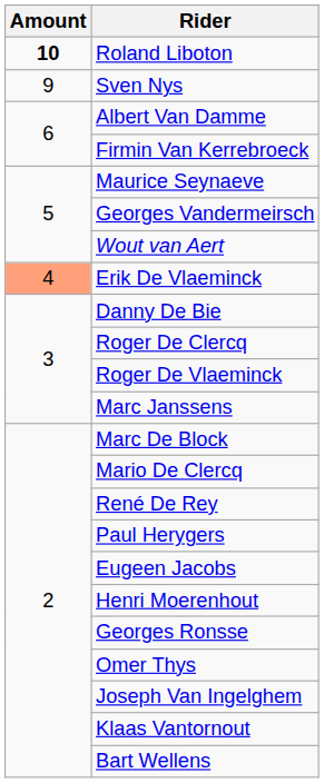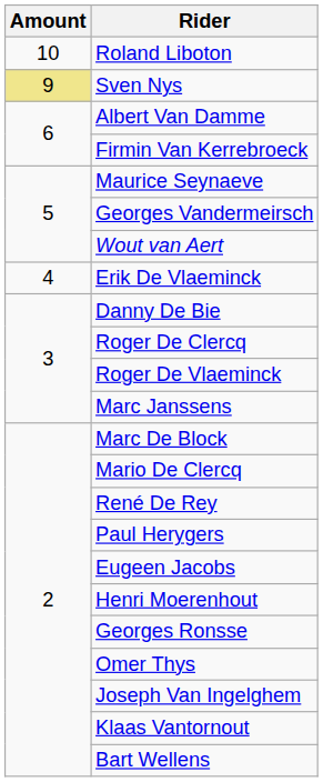 <table class="wikitable">
 <tr>
 <th>Amount</th>
 <th>Rider</th>
 </tr>
 <tr>
-<td align="center"><strong>10</strong></td>
+<td align="center">10</td>
 <td><a href='#'>Roland Liboton</a></td>
 </tr>
 <tr>
-<td align="center">9</td>
+<td align="center" style="background: khaki;">9</td>
 <td><a href='#'>Sven Nys</a></td>
 </tr>
 <tr>
 <td align="center" rowspan="2">6</td>
 <td><a href='#'>Albert Van Damme</a></td>
 </tr>
 <tr>
 <td><a href='#'>Firmin Van Kerrebroeck</a></td>
 </tr>
 <tr>
 <td align="center" rowspan="3">5</td>
 <td><a href='#'>Maurice Seynaeve</a></td>
 </tr>
 <tr>
 <td><a href='#'>Georges Vandermeirsch</a></td>
 </tr>
 <tr>
 <td><em><a href='#'>Wout van Aert</a></em></td>
 </tr>
 <tr>
-<td align="center" style="background: lightsalmon;">4</td>
+<td align="center">4</td>
 <td><a href='#'>Erik De Vlaeminck</a></td>
 </tr>
 <tr>
 <td align="center" rowspan="4">3</td>
 <td><a href='#'>Danny De Bie</a></td>
 </tr>
 <tr>
 <td><a href='#'>Roger De Clercq</a></td>
 </tr>
 <tr>
 <td><a href='#'>Roger De Vlaeminck</a></td>
 </tr>
 <tr>
 <td><a href='#'>Marc Janssens</a></td>
 </tr>
 <tr>
 <td align="center" rowspan="11">2</td>
 <td><a href='#'>Marc De Block</a></td>
 </tr>
 <tr>
 <td><a href='#'>Mario De Clercq</a></td>
 </tr>
 <tr>
 <td><a href='#'>René De Rey</a></td>
 </tr>
 <tr>
 <td><a href='#'>Paul Herygers</a></td>
 </tr>
 <tr>
 <td><a href='#'>Eugeen Jacobs</a></td>
 </tr>
 <tr>
 <td><a href='#'>Henri Moerenhout</a></td>
 </tr>
 <tr>
 <td><a href='#'>Georges Ronsse</a></td>
 </tr>
 <tr>
 <td><a href='#'>Omer Thys</a></td>
 </tr>
 <tr>
 <td><a href='#'>Joseph Van Ingelghem</a></td>
 </tr>
 <tr>
 <td><a href='#'>Klaas Vantornout</a></td>
 </tr>
 <tr>
 <td><a href='#'>Bart Wellens</a></td>
 </tr>
 </table>
